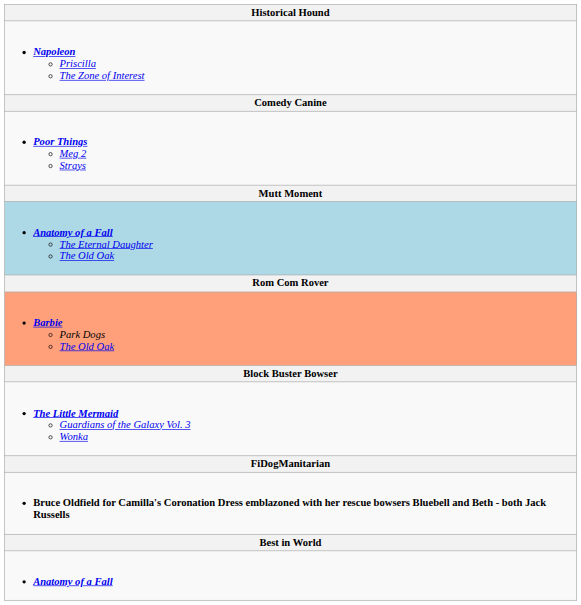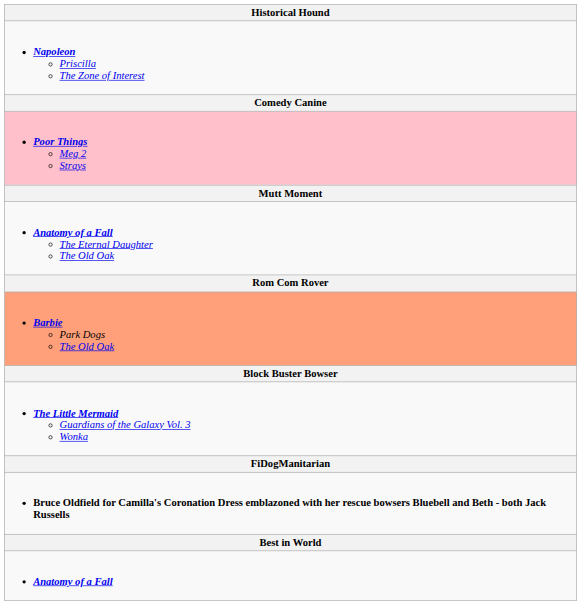 <table class="wikitable">
 <tr>
 <th><strong>Historical Hound</strong></th>
 </tr>
 <tr>
 <td><br><ul><li><strong><a href='#'><em>Napoleon</em></a></strong><ul><li><a href='#'><em>Priscilla</em></a></li><li><a href='#'><em>The Zone of Interest</em></a></li></ul></li></ul></td>
 </tr>
 <tr>
 <th>Comedy Canine</th>
 </tr>
 <tr>
-<td><br><ul><li><strong><a href='#'><em>Poor Things</em></a></strong><ul><li><a href='#'><em>Meg 2</em></a></li><li><a href='#'><em>Strays</em></a></li></ul></li></ul></td>
+<td style="background: pink;"><br><ul><li><strong><a href='#'><em>Poor Things</em></a></strong><ul><li><a href='#'><em>Meg 2</em></a></li><li><a href='#'><em>Strays</em></a></li></ul></li></ul></td>
 </tr>
 <tr>
 <th>Mutt Moment</th>
 </tr>
 <tr>
-<td style="background: lightblue;"><br><ul><li><strong><em><a href='#'>Anatomy of a Fall</a></em></strong><ul><li><em><a href='#'>The Eternal Daughter</a></em></li><li><em><a href='#'>The Old Oak</a></em></li></ul></li></ul></td>
+<td><br><ul><li><strong><em><a href='#'>Anatomy of a Fall</a></em></strong><ul><li><em><a href='#'>The Eternal Daughter</a></em></li><li><em><a href='#'>The Old Oak</a></em></li></ul></li></ul></td>
 </tr>
 <tr>
 <th>Rom Com Rover</th>
 </tr>
 <tr>
 <td style="background: lightsalmon;"><br><ul><li><strong><a href='#'><em>Barbie</em></a></strong><ul><li><em>Park Dogs</em></li><li><em><a href='#'>The Old Oak</a></em></li></ul></li></ul></td>
 </tr>
 <tr>
 <th>Block Buster Bowser</th>
 </tr>
 <tr>
 <td><br><ul><li><strong><a href='#'><em>The Little Mermaid</em></a></strong><ul><li><em><a href='#'>Guardians of the Galaxy Vol. 3</a></em></li><li><a href='#'><em>Wonka</em></a></li></ul></li></ul></td>
 </tr>
 <tr>
 <th><strong>FiDogManitarian</strong></th>
 </tr>
 <tr>
 <td><br><ul><li><strong>Bruce Oldfield for Camilla's Coronation Dress emblazoned with her rescue bowsers Bluebell and Beth - both Jack Russells</strong></li></ul></td>
 </tr>
 <tr>
 <th>Best in World</th>
 </tr>
 <tr>
 <td><br><ul><li><strong><em><a href='#'>Anatomy of a Fall</a></em></strong></li></ul></td>
 </tr>
 </table>
